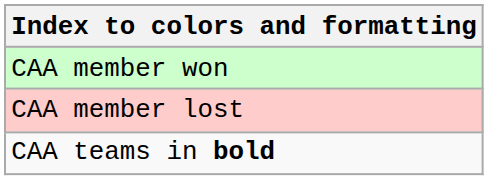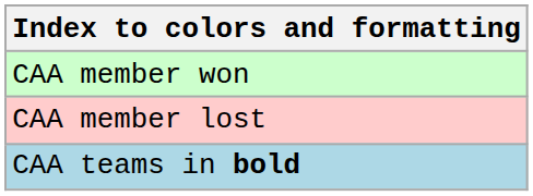 <table class="wikitable">
 <tr>
 <th>Index to colors and formatting</th>
 </tr>
 <tr style="background:#cfc;">
 <td>CAA member won</td>
 </tr>
 <tr style="background:#fcc;">
 <td>CAA member lost</td>
 </tr>
 <tr>
-<td>CAA teams in <strong>bold</strong></td>
+<td style="background: lightblue;">CAA teams in <strong>bold</strong></td>
 </tr>
 </table>
